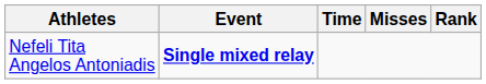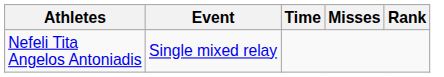 <table class="wikitable" style="font-size:90%">
 <tr>
 <th>Athletes</th>
 <th>Event</th>
 <th>Time</th>
 <th>Misses</th>
 <th>Rank</th>
 </tr>
 <tr align=center>
 <td align=left><a href='#'>Nefeli Tita</a><br><a href='#'>Angelos Antoniadis</a></td>
-<td align=left><strong><a href='#'>Single mixed relay</a></strong></td>
+<td align=left><a href='#'>Single mixed relay</a></td>
 <td colspan=3></td>
 </tr>
 </table>
